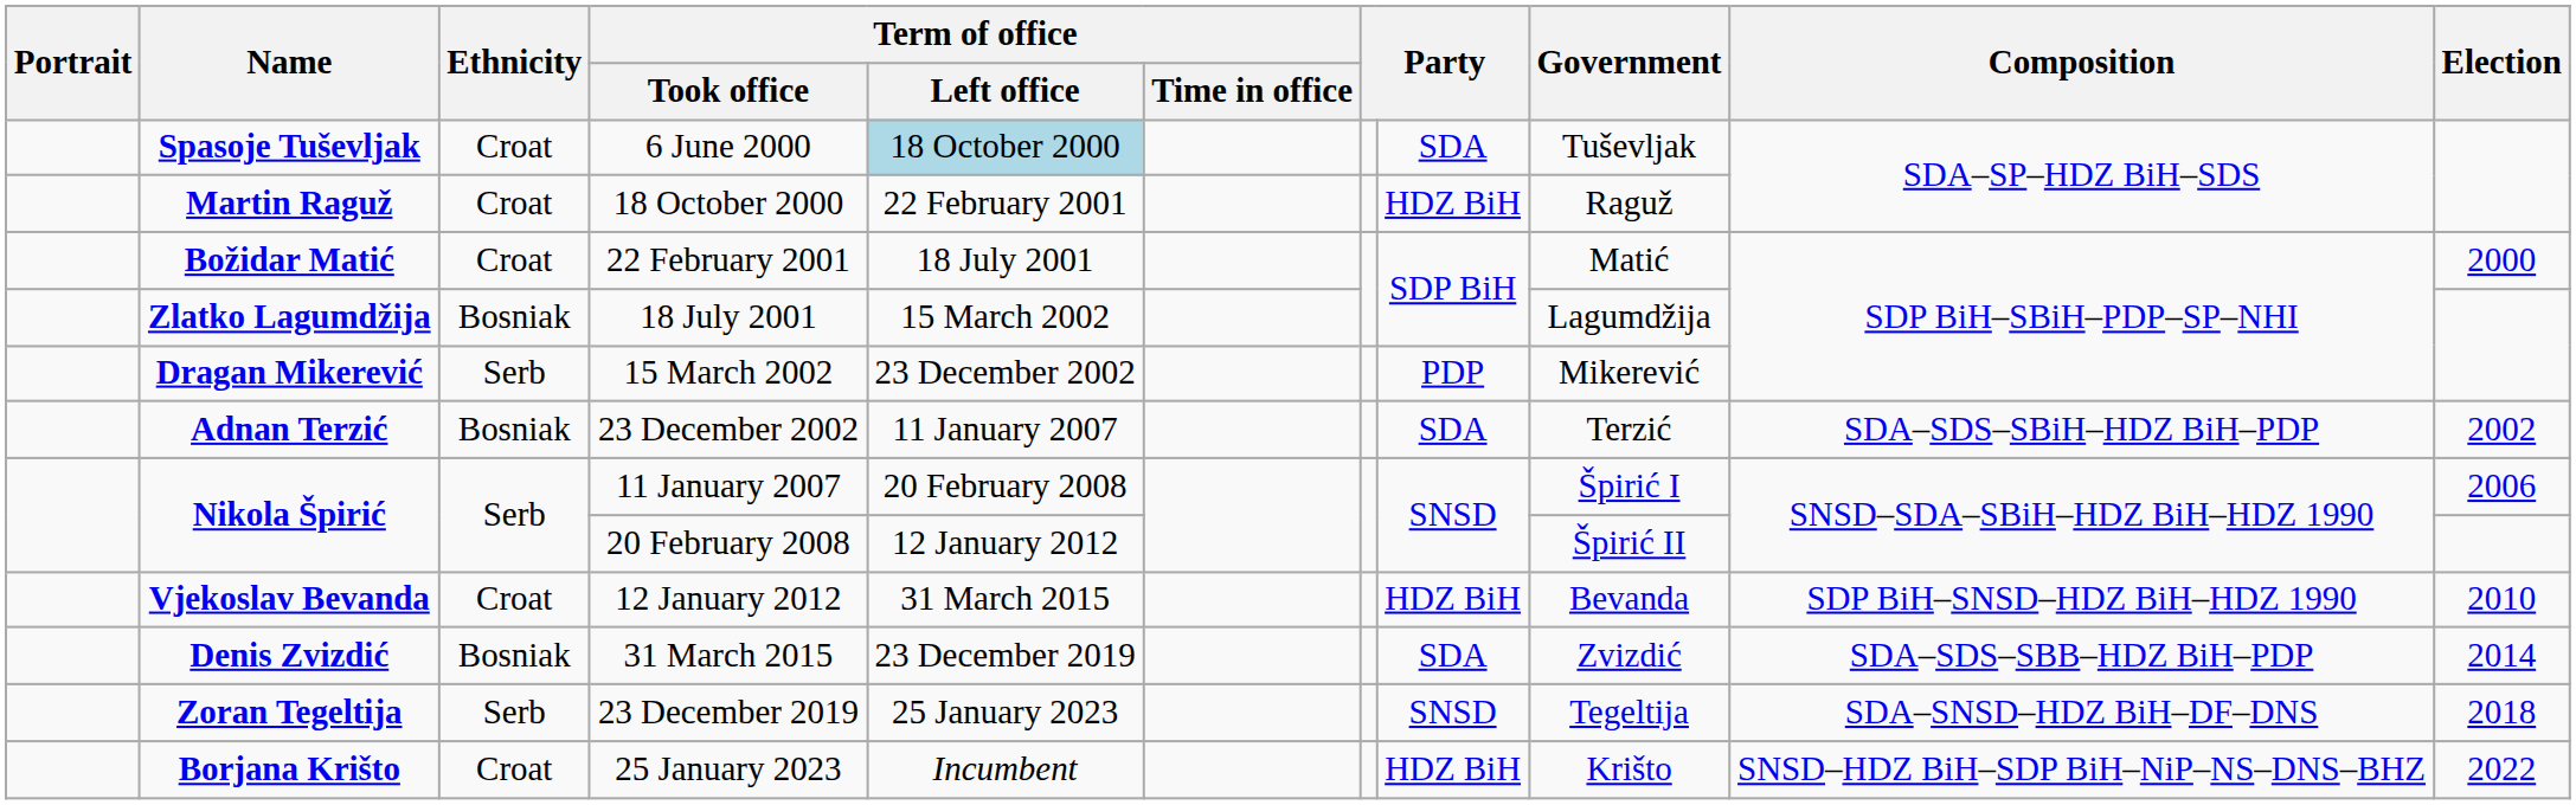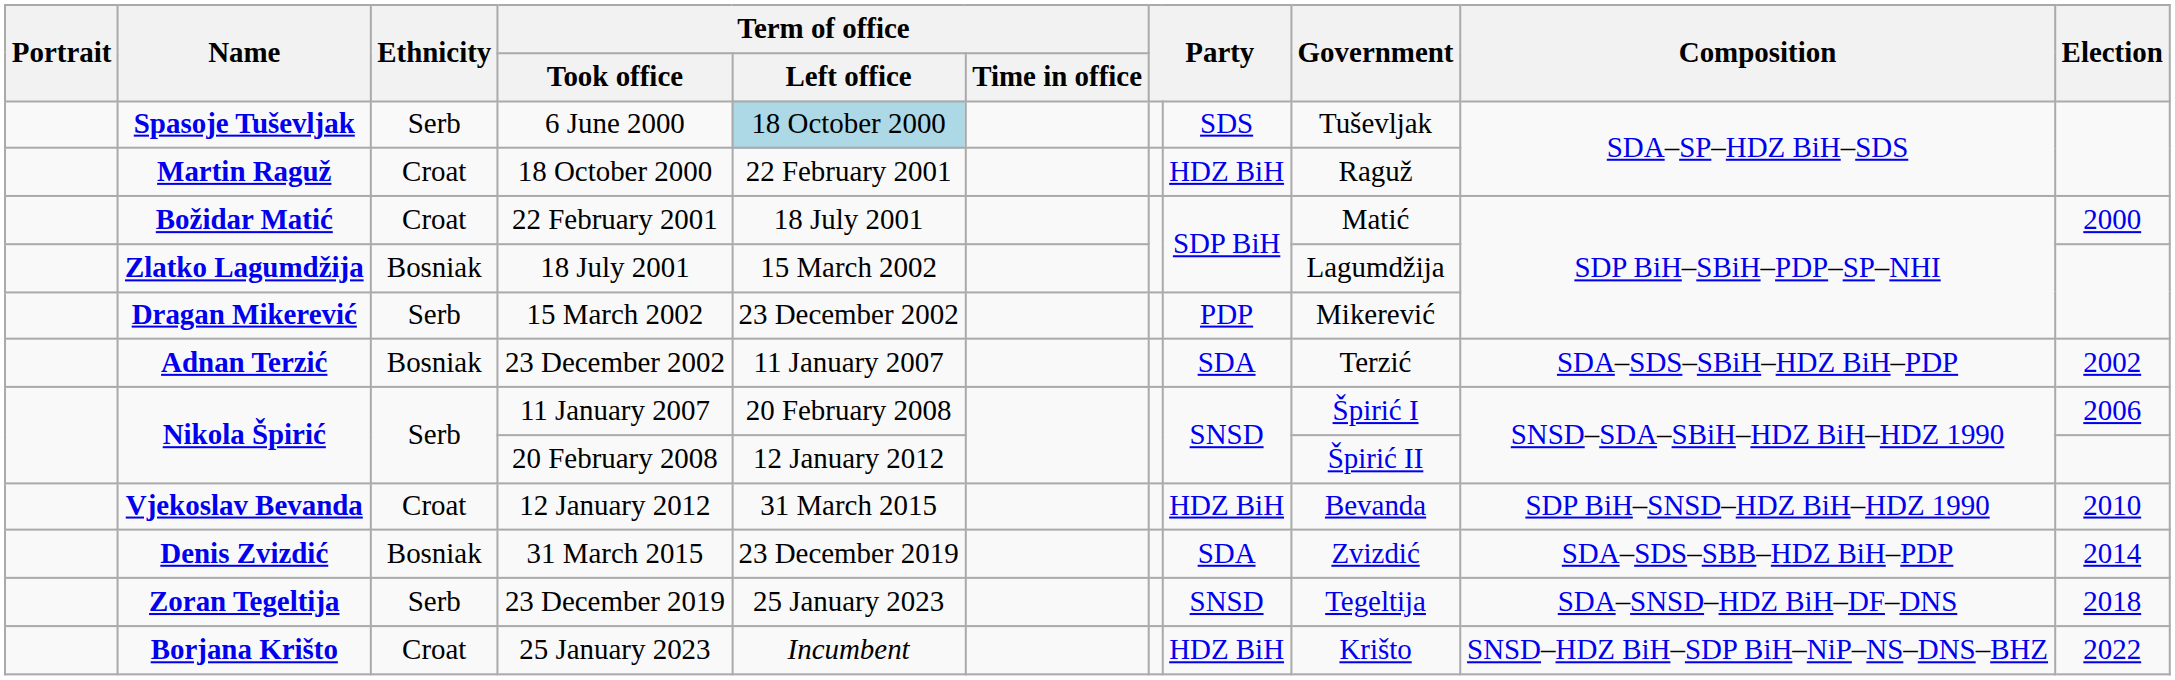 <table class="wikitable sortable" style="text-align: center;font-size:90%; border:1px #AAAAFF solid">
 <tr>
 <th rowspan=2>Portrait</th>
 <th rowspan=2>Name<br></th>
 <th rowspan=2>Ethnicity</th>
 <th colspan=3>Term of office</th>
 <th rowspan=2 colspan=2>Party</th>
 <th rowspan=2>Government</th>
 <th rowspan=2>Composition</th>
 <th rowspan=2>Election</th>
 </tr>
 <tr>
 <th>Took office</th>
 <th>Left office</th>
 <th>Time in office</th>
 </tr>
 <tr>
 <td></td>
 <td><strong><a href='#'>Spasoje Tuševljak</a></strong><br></td>
-<td>Croat</td>
+<td>Serb</td>
 <td>6 June 2000</td>
 <td style="background: lightblue;">18 October 2000</td>
 <td></td>
 <td style="background:"></td>
-<td><a href='#'>SDA</a></td>
+<td><a href='#'>SDS</a></td>
 <td>Tuševljak</td>
 <td rowspan=2><a href='#'>SDA</a>–<a href='#'>SP</a>–<a href='#'>HDZ BiH</a>–<a href='#'>SDS</a></td>
 <td rowspan=2></td>
 </tr>
 <tr>
 <td></td>
 <td><strong><a href='#'>Martin Raguž</a></strong><br></td>
 <td>Croat</td>
 <td>18 October 2000</td>
 <td>22 February 2001</td>
 <td></td>
 <td style="background:"></td>
 <td><a href='#'>HDZ BiH</a></td>
 <td>Raguž</td>
 </tr>
 <tr>
 <td></td>
 <td><strong><a href='#'>Božidar Matić</a></strong><br></td>
 <td>Croat</td>
 <td>22 February 2001</td>
 <td>18 July 2001</td>
 <td></td>
 <td rowspan=2 style="background:"></td>
 <td rowspan=2><a href='#'>SDP BiH</a></td>
 <td>Matić</td>
 <td rowspan=3><a href='#'>SDP BiH</a>–<a href='#'>SBiH</a>–<a href='#'>PDP</a>–<a href='#'>SP</a>–<a href='#'>NHI</a></td>
 <td><a href='#'>2000</a></td>
 </tr>
 <tr>
 <td></td>
 <td><strong><a href='#'>Zlatko Lagumdžija</a></strong><br></td>
 <td>Bosniak</td>
 <td>18 July 2001</td>
 <td>15 March 2002</td>
 <td></td>
 <td>Lagumdžija</td>
 <td rowspan=2></td>
 </tr>
 <tr>
 <td></td>
 <td><strong><a href='#'>Dragan Mikerević</a></strong><br></td>
 <td>Serb</td>
 <td>15 March 2002</td>
 <td>23 December 2002</td>
 <td></td>
 <td style="background:"></td>
 <td><a href='#'>PDP</a></td>
 <td>Mikerević</td>
 </tr>
 <tr>
 <td></td>
 <td><strong><a href='#'>Adnan Terzić</a></strong><br></td>
 <td>Bosniak</td>
 <td>23 December 2002</td>
 <td>11 January 2007</td>
 <td></td>
 <td style="background:"></td>
 <td><a href='#'>SDA</a></td>
 <td>Terzić</td>
 <td><a href='#'>SDA</a>–<a href='#'>SDS</a>–<a href='#'>SBiH</a>–<a href='#'>HDZ BiH</a>–<a href='#'>PDP</a></td>
 <td><a href='#'>2002</a></td>
 </tr>
 <tr>
 <td rowspan=2></td>
 <td rowspan=2><strong><a href='#'>Nikola Špirić</a></strong><br></td>
 <td rowspan=2>Serb</td>
 <td>11 January 2007</td>
 <td>20 February 2008</td>
 <td rowspan=2></td>
 <td rowspan=2 style="background:"></td>
 <td rowspan=2><a href='#'>SNSD</a></td>
 <td><a href='#'>Špirić I</a></td>
 <td rowspan=2><a href='#'>SNSD</a>–<a href='#'>SDA</a>–<a href='#'>SBiH</a>–<a href='#'>HDZ BiH</a>–<a href='#'>HDZ 1990</a></td>
 <td><a href='#'>2006</a></td>
 </tr>
 <tr>
 <td>20 February 2008</td>
 <td>12 January 2012</td>
 <td><a href='#'>Špirić II</a></td>
 <td></td>
 </tr>
 <tr>
 <td></td>
 <td><strong><a href='#'>Vjekoslav Bevanda</a></strong><br></td>
 <td>Croat</td>
 <td>12 January 2012</td>
 <td>31 March 2015</td>
 <td></td>
 <td style="background:"></td>
 <td><a href='#'>HDZ BiH</a></td>
 <td><a href='#'>Bevanda</a></td>
 <td><a href='#'>SDP BiH</a>–<a href='#'>SNSD</a>–<a href='#'>HDZ BiH</a>–<a href='#'>HDZ 1990</a></td>
 <td><a href='#'>2010</a></td>
 </tr>
 <tr>
 <td></td>
 <td><strong><a href='#'>Denis Zvizdić</a></strong><br></td>
 <td>Bosniak</td>
 <td>31 March 2015</td>
 <td>23 December 2019</td>
 <td></td>
 <td style="background:"></td>
 <td><a href='#'>SDA</a></td>
 <td><a href='#'>Zvizdić</a></td>
 <td><a href='#'>SDA</a>–<a href='#'>SDS</a>–<a href='#'>SBB</a>–<a href='#'>HDZ BiH</a>–<a href='#'>PDP</a></td>
 <td><a href='#'>2014</a></td>
 </tr>
 <tr>
 <td></td>
 <td><strong><a href='#'>Zoran Tegeltija</a></strong><br></td>
 <td>Serb</td>
 <td>23 December 2019</td>
 <td>25 January 2023</td>
 <td></td>
 <td style="background:"></td>
 <td><a href='#'>SNSD</a></td>
 <td><a href='#'>Tegeltija</a></td>
 <td><a href='#'>SDA</a>–<a href='#'>SNSD</a>–<a href='#'>HDZ BiH</a>–<a href='#'>DF</a>–<a href='#'>DNS</a></td>
 <td><a href='#'>2018</a></td>
 </tr>
 <tr>
 <td></td>
 <td><strong><a href='#'>Borjana Krišto</a></strong><br></td>
 <td>Croat</td>
 <td>25 January 2023</td>
 <td><em>Incumbent</em></td>
 <td></td>
 <td style="background:"></td>
 <td><a href='#'>HDZ BiH</a></td>
 <td><a href='#'>Krišto</a></td>
 <td><a href='#'>SNSD</a>–<a href='#'>HDZ BiH</a>–<a href='#'>SDP BiH</a>–<a href='#'>NiP</a>–<a href='#'>NS</a>–<a href='#'>DNS</a>–<a href='#'>BHZ</a></td>
 <td><a href='#'>2022</a></td>
 </tr>
 </table>
